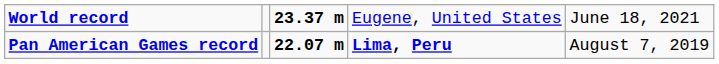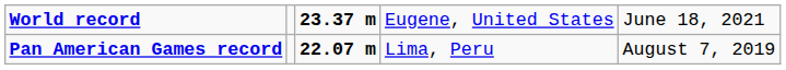 <table class="wikitable">
 <tr>
 <td><strong><a href='#'>World record</a></strong></td>
 <td></td>
 <td><strong>23.37 m</strong></td>
 <td><a href='#'>Eugene</a>, <a href='#'>United States</a></td>
 <td>June 18, 2021</td>
 </tr>
 <tr>
 <td><strong><a href='#'>Pan American Games record</a></strong></td>
 <td></td>
 <td><strong>22.07 m</strong></td>
-<td><strong><a href='#'>Lima</a>, <a href='#'>Peru</a></strong></td>
+<td><a href='#'>Lima</a>, <a href='#'>Peru</a></td>
 <td>August 7, 2019</td>
 </tr>
 </table>
